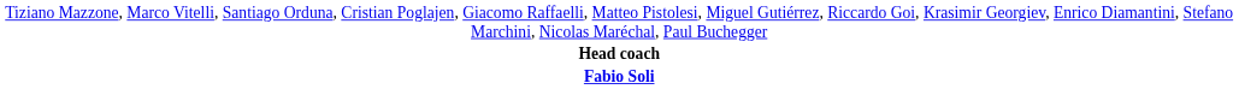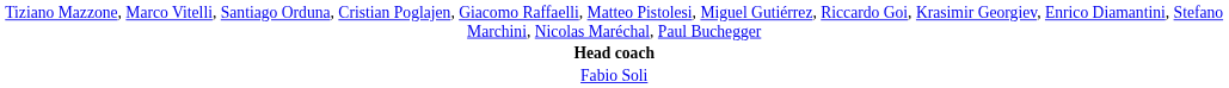 <table style="text-align: center; margin-top: 2em; margin-left: auto; margin-right: auto">
 <tr>
 <td><a href='#'>Tiziano Mazzone</a>, <a href='#'>Marco Vitelli</a>, <a href='#'>Santiago Orduna</a>, <a href='#'>Cristian Poglajen</a>, <a href='#'>Giacomo Raffaelli</a>, <a href='#'>Matteo Pistolesi</a>, <a href='#'>Miguel Gutiérrez</a>, <a href='#'>Riccardo Goi</a>, <a href='#'>Krasimir Georgiev</a>, <a href='#'>Enrico Diamantini</a>, <a href='#'>Stefano Marchini</a>, <a href='#'>Nicolas Maréchal</a>, <a href='#'>Paul Buchegger</a></td>
 </tr>
 <tr>
 <td><strong>Head coach</strong></td>
 </tr>
 <tr>
-<td><strong><a href='#'>Fabio Soli</a></strong></td>
+<td><a href='#'>Fabio Soli</a></td>
 </tr>
 </table>
